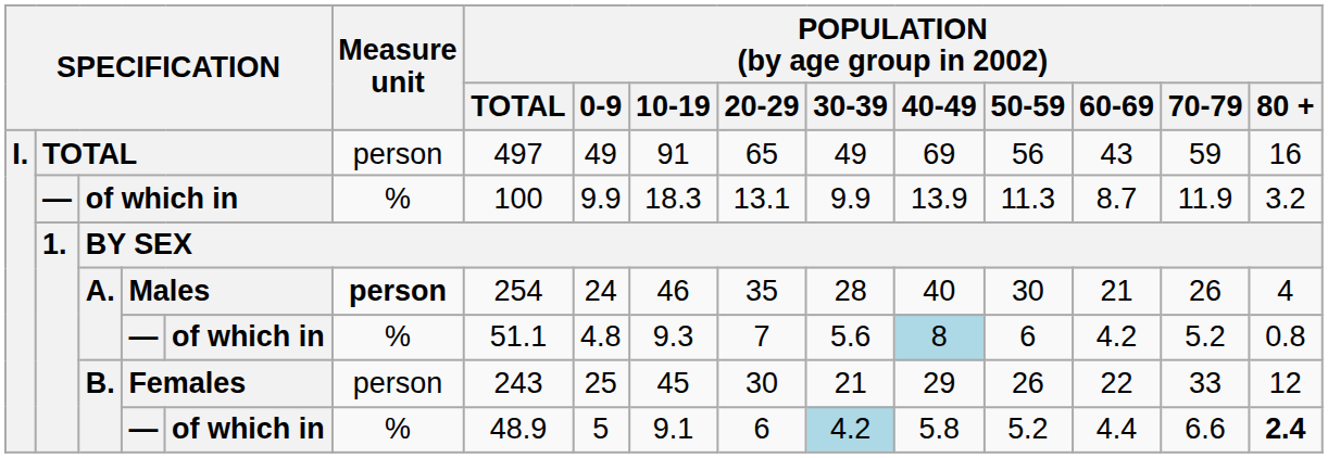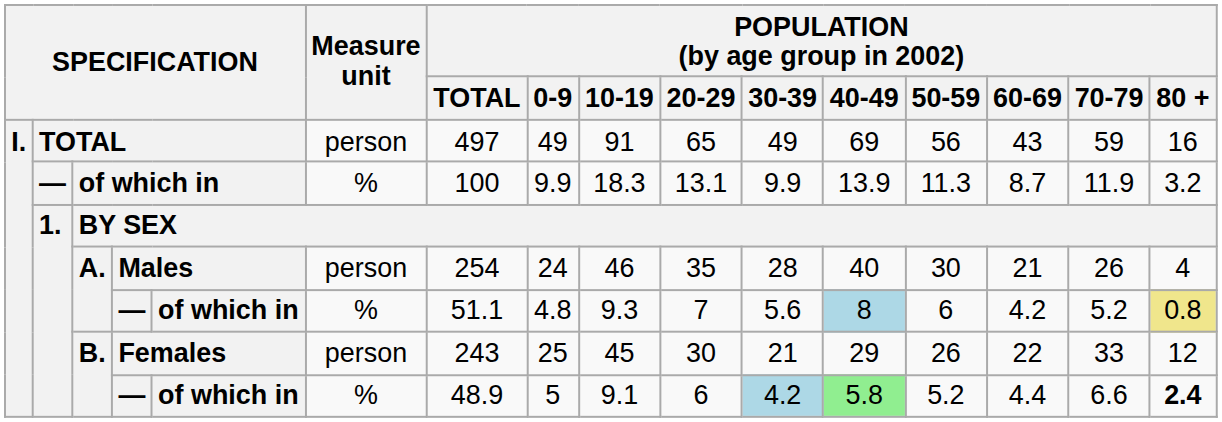 <table class="wikitable" style="font-size:85%; text-align:center">
 <tr>
 <th rowspan="2" colspan="5">SPECIFICATION</th>
 <th rowspan="2">Measure<br> unit</th>
 <th colspan="10" rowspan="1">POPULATION<br> (by age group in 2002)</th>
 </tr>
 <tr>
 <th>TOTAL</th>
 <th>0-9</th>
 <th>10-19</th>
 <th>20-29</th>
 <th>30-39</th>
 <th>40-49</th>
 <th>50-59</th>
 <th>60-69</th>
 <th>70-79</th>
 <th>80 +</th>
 </tr>
 <tr>
 <th style="text-align:left" valign="top" rowspan="7">I.</th>
 <th style="text-align:left" colspan="4">TOTAL</th>
 <td>person</td>
 <td>497</td>
 <td>49</td>
 <td>91</td>
 <td>65</td>
 <td>49</td>
 <td>69</td>
 <td>56</td>
 <td>43</td>
 <td>59</td>
 <td>16</td>
 </tr>
 <tr>
 <th style="text-align:left" valign="top">—</th>
 <th style="text-align:left" colspan="3">of which in</th>
 <td>%</td>
 <td>100</td>
 <td>9.9</td>
 <td>18.3</td>
 <td>13.1</td>
 <td>9.9</td>
 <td>13.9</td>
 <td>11.3</td>
 <td>8.7</td>
 <td>11.9</td>
 <td>3.2</td>
 </tr>
 <tr>
 <th style="text-align:left" valign="top" rowspan="5">1.</th>
 <th style="text-align:left" colspan="14">BY SEX</th>
 </tr>
 <tr>
 <th style="text-align:left" valign="top" rowspan="2">A.</th>
 <th style="text-align:left" colspan="2">Males</th>
-<td><strong>person</strong></td>
+<td>person</td>
 <td>254</td>
 <td>24</td>
 <td>46</td>
 <td>35</td>
 <td>28</td>
 <td>40</td>
 <td>30</td>
 <td>21</td>
 <td>26</td>
 <td>4</td>
 </tr>
 <tr>
 <th style="text-align:left" valign="top">—</th>
 <th style="text-align:left" colspan="1">of which in</th>
 <td>%</td>
 <td>51.1</td>
 <td>4.8</td>
 <td>9.3</td>
 <td>7</td>
 <td>5.6</td>
 <td style="background: lightblue;">8</td>
 <td>6</td>
 <td>4.2</td>
 <td>5.2</td>
-<td>0.8</td>
+<td style="background: khaki;">0.8</td>
 </tr>
 <tr>
 <th style="text-align:left" valign="top" rowspan="2">B.</th>
 <th style="text-align:left" colspan="2">Females</th>
 <td>person</td>
 <td>243</td>
 <td>25</td>
 <td>45</td>
 <td>30</td>
 <td>21</td>
 <td>29</td>
 <td>26</td>
 <td>22</td>
 <td>33</td>
 <td>12</td>
 </tr>
 <tr>
 <th style="text-align:left" valign="top">—</th>
 <th style="text-align:left" colspan="1">of which in</th>
 <td>%</td>
 <td>48.9</td>
 <td>5</td>
 <td>9.1</td>
 <td>6</td>
 <td style="background: lightblue;">4.2</td>
-<td>5.8</td>
+<td style="background: lightgreen;">5.8</td>
 <td>5.2</td>
 <td>4.4</td>
 <td>6.6</td>
 <td><strong>2.4</strong></td>
 </tr>
 </table>
